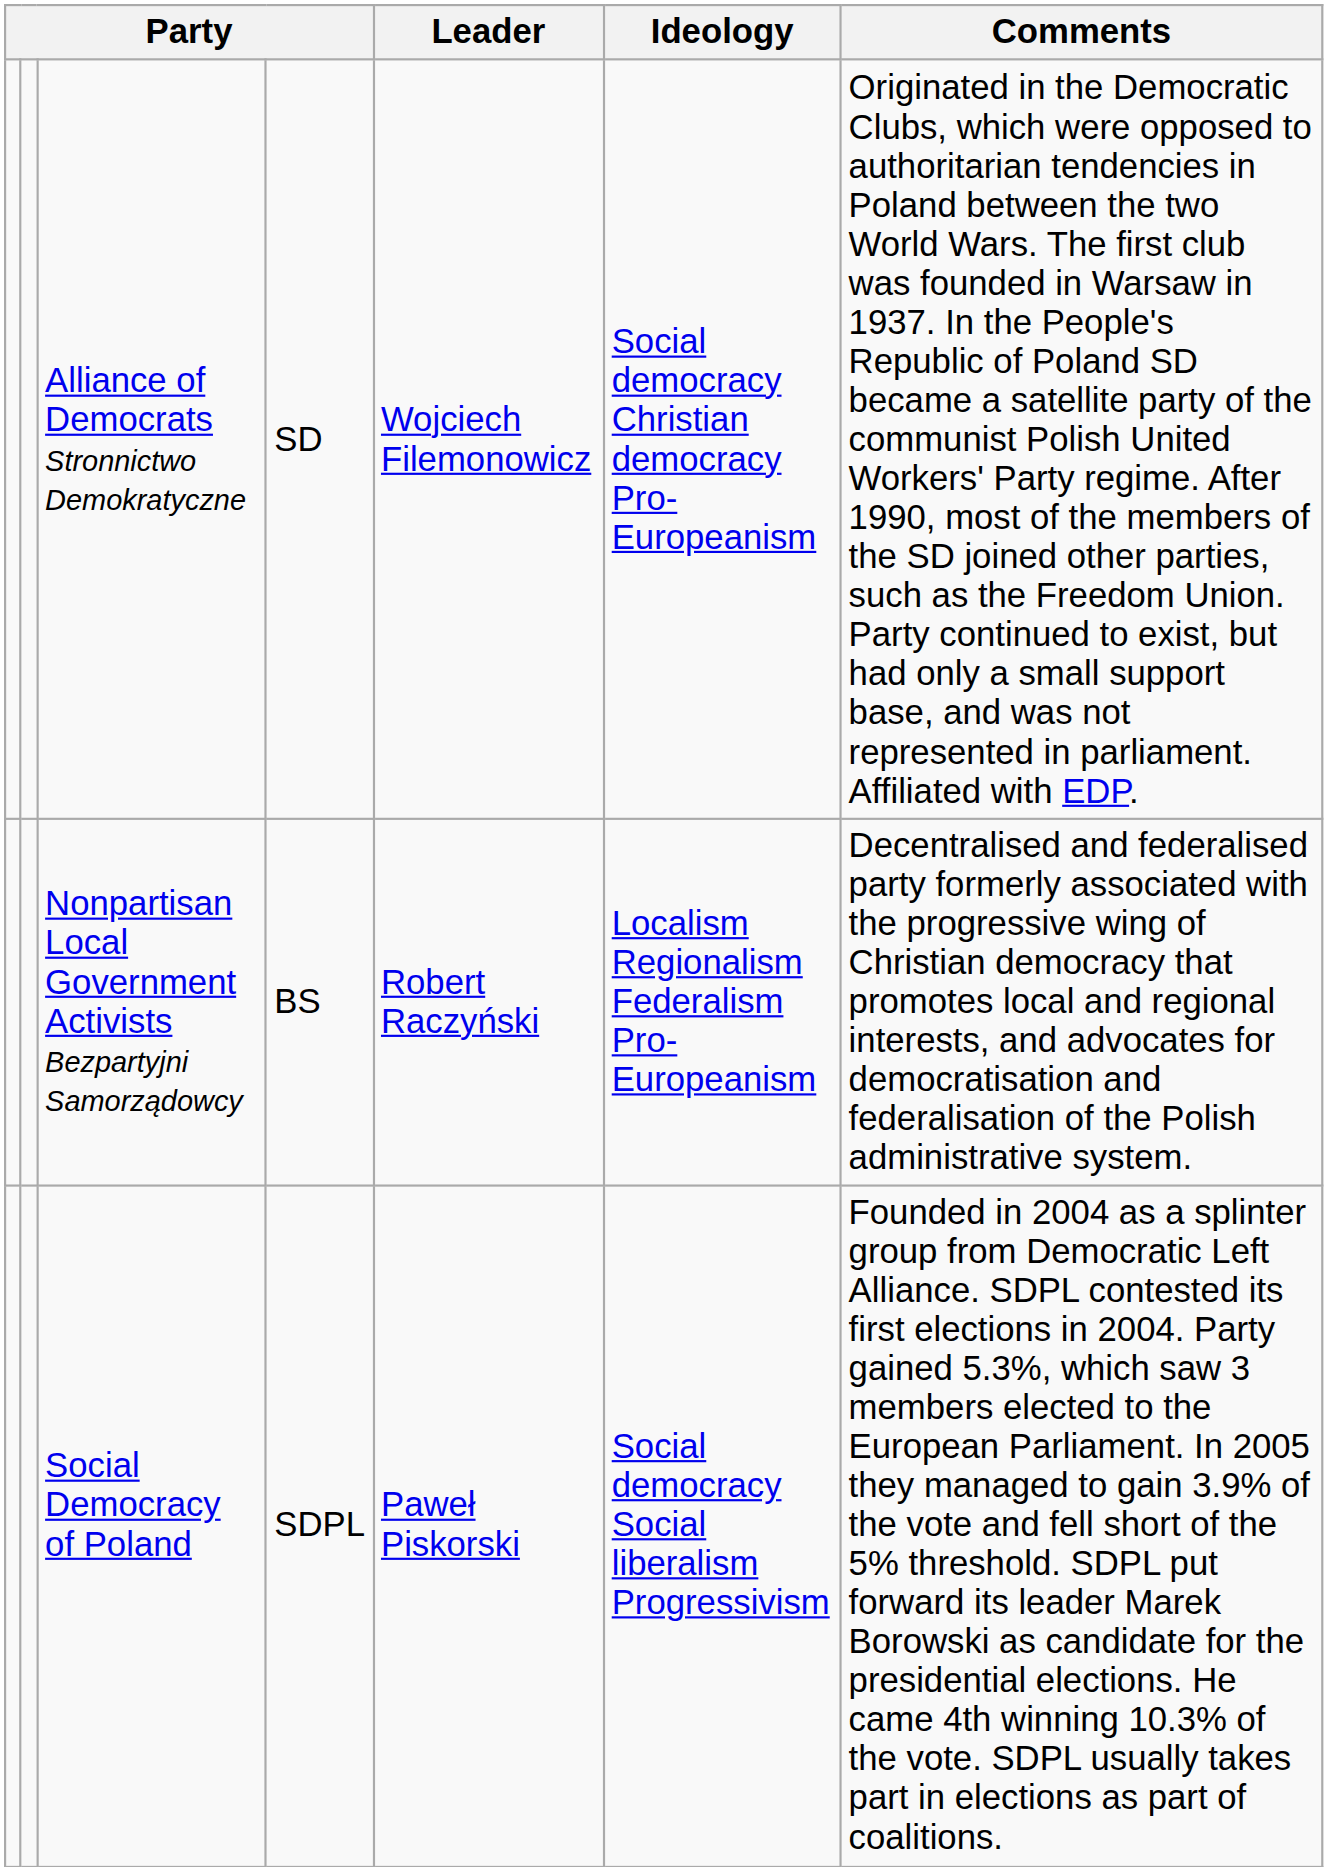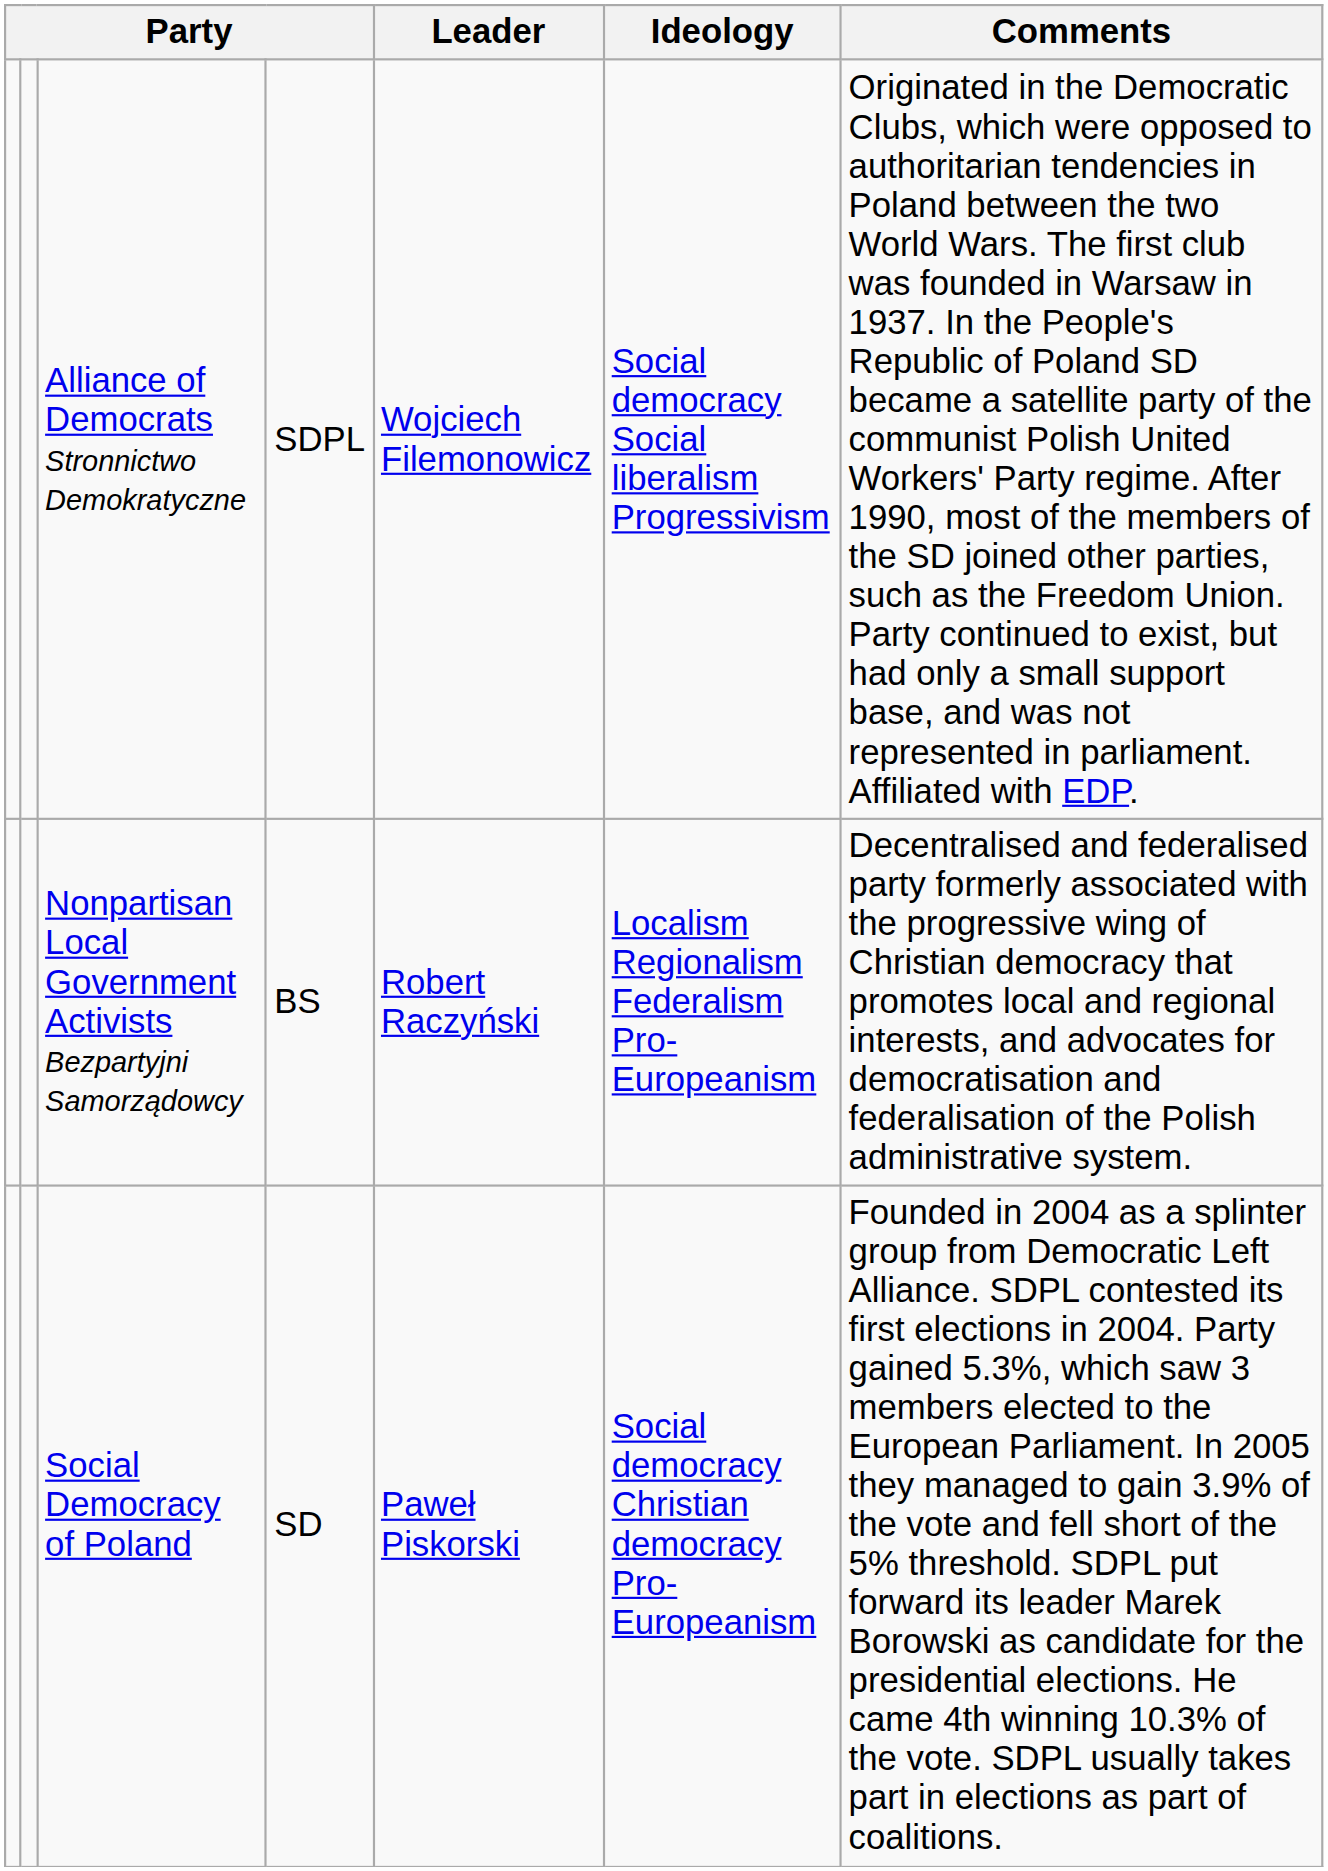 <table class="wikitable sortable">
 <tr>
 <th colspan=4>Party</th>
 <th>Leader</th>
 <th>Ideology</th>
 <th>Comments</th>
 </tr>
 <tr>
 <td></td>
 <td style="text-align:center;"></td>
 <td><a href='#'>Alliance of Democrats</a><br><small><em>Stronnictwo Demokratyczne</em><br></small></td>
-<td>SD</td>
+<td>SDPL</td>
 <td><a href='#'>Wojciech Filemonowicz</a></td>
-<td><a href='#'>Social democracy</a><br><a href='#'>Christian democracy</a><br><a href='#'>Pro-Europeanism</a></td>
+<td><a href='#'>Social democracy</a><br><a href='#'>Social liberalism</a><br><a href='#'>Progressivism</a></td>
 <td>Originated in the Democratic Clubs, which were opposed to authoritarian tendencies in Poland between the two World Wars. The first club was founded in Warsaw in 1937. In the People's Republic of Poland SD became a satellite party of the communist Polish United Workers' Party regime. After 1990, most of the members of the SD joined other parties, such as the Freedom Union. Party continued to exist, but had only a small support base, and was not represented in parliament. Affiliated with <a href='#'>EDP</a>.</td>
 </tr>
 <tr>
 <td></td>
 <td style="text-align:center;"></td>
 <td><a href='#'>Nonpartisan Local Government Activists</a><br><small><em>Bezpartyjni Samorządowcy</em><br></small></td>
 <td>BS</td>
 <td><a href='#'>Robert Raczyński</a></td>
 <td><a href='#'>Localism</a><br><a href='#'>Regionalism</a><br><a href='#'>Federalism</a><br><a href='#'>Pro-Europeanism</a></td>
 <td>Decentralised and federalised party formerly associated with the progressive wing of Christian democracy that promotes local and regional interests, and advocates for democratisation and federalisation of the Polish administrative system.</td>
 </tr>
 <tr>
 <td></td>
 <td style="text-align:center;"></td>
 <td><a href='#'>Social Democracy of Poland</a><br><small><br></small></td>
-<td>SDPL</td>
+<td>SD</td>
 <td><a href='#'>Paweł Piskorski</a></td>
-<td><a href='#'>Social democracy</a><br><a href='#'>Social liberalism</a><br><a href='#'>Progressivism</a></td>
+<td><a href='#'>Social democracy</a><br><a href='#'>Christian democracy</a><br><a href='#'>Pro-Europeanism</a></td>
 <td>Founded in 2004 as a splinter group from Democratic Left Alliance. SDPL contested its first elections in 2004. Party gained 5.3%, which saw 3 members elected to the European Parliament. In 2005 they managed to gain 3.9% of the vote and fell short of the 5% threshold. SDPL put forward its leader Marek Borowski as candidate for the presidential elections. He came 4th winning 10.3% of the vote. SDPL usually takes part in elections as part of coalitions.</td>
 </tr>
 </table>
